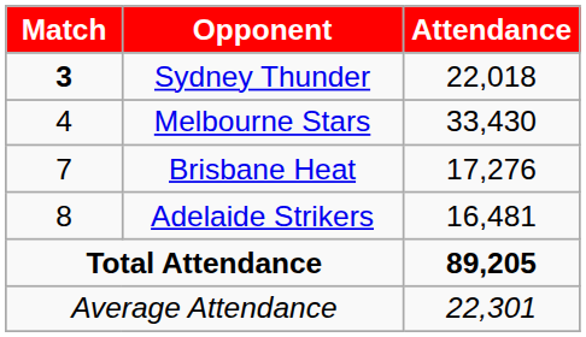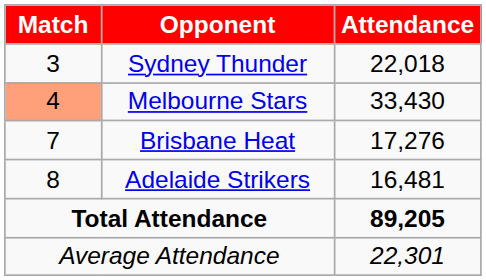 <table class="wikitable" style="text-align:center; font-size:90%">
 <tr>
 <th style="width:50px; background:red; color:white; text-align:center;">Match</th>
 <th style="width:130px; background:red; color:white; text-align:center;" class="unsortable">Opponent</th>
 <th style="width:80px; background:red; color:white; text-align:center;">Attendance</th>
 </tr>
 <tr>
-<td><strong>3</strong></td>
+<td>3</td>
 <td><a href='#'>Sydney Thunder</a></td>
 <td>22,018</td>
 </tr>
 <tr>
-<td>4</td>
+<td style="background: lightsalmon;">4</td>
 <td><a href='#'>Melbourne Stars</a></td>
 <td>33,430</td>
 </tr>
 <tr>
 <td>7</td>
 <td><a href='#'>Brisbane Heat</a></td>
 <td>17,276</td>
 </tr>
 <tr>
 <td>8</td>
 <td><a href='#'>Adelaide Strikers</a></td>
 <td>16,481</td>
 </tr>
 <tr class="sortbottom">
 <td colspan="2"><strong>Total Attendance</strong></td>
 <td><strong>89,205</strong></td>
 </tr>
 <tr class="sortbottom">
 <td colspan="2"><em>Average Attendance</em></td>
 <td><em>22,301</em></td>
 </tr>
 </table>
